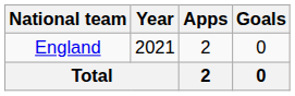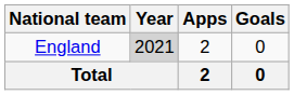 <table class="wikitable" style="text-align: center;">
 <tr>
 <th>National team</th>
 <th>Year</th>
 <th>Apps</th>
 <th>Goals</th>
 </tr>
 <tr>
 <td><a href='#'>England</a></td>
-<td>2021</td>
+<td style="background: lightgrey;">2021</td>
 <td>2</td>
 <td>0</td>
 </tr>
 <tr>
 <th colspan="2">Total</th>
 <th>2</th>
 <th>0</th>
 </tr>
 </table>
